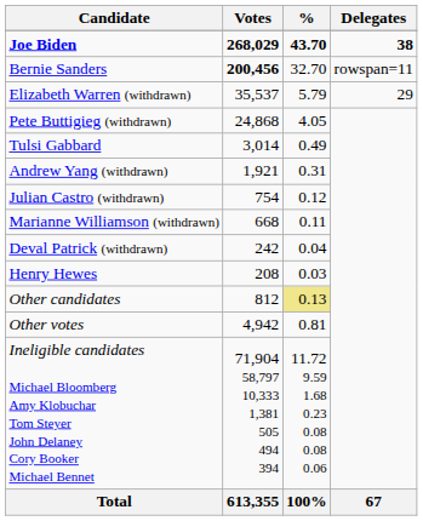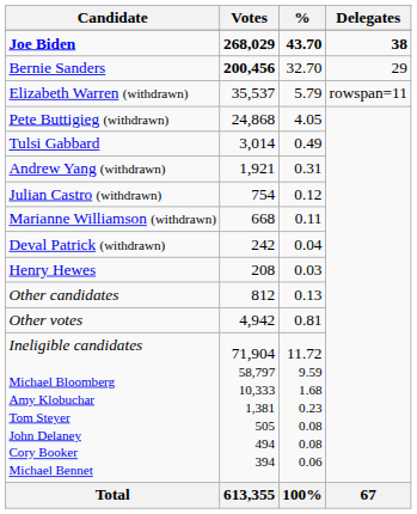 <table class="wikitable sortable" style="text-align:right;">
 <tr>
 <th>Candidate</th>
 <th>Votes</th>
 <th>%</th>
 <th>Delegates</th>
 </tr>
 <tr>
 </tr>
 <tr>
 <td style="text-align:left;" data-sort-value="Biden, Joe"><strong><a href='#'>Joe Biden</a></strong></td>
 <td><strong>268,029</strong></td>
 <td><strong>43.70</strong></td>
 <td><strong>38</strong></td>
 </tr>
 <tr>
 <td style="text-align:left;" data-sort-value="Sanders, Bernie"><a href='#'>Bernie Sanders</a></td>
 <td><strong>200,456</strong></td>
 <td>32.70</td>
-<td>rowspan=11 </td>
+<td>29</td>
 </tr>
 <tr>
 <td style="text-align:left;" data-sort-value="Warren, Elizabeth"><a href='#'>Elizabeth Warren</a> <small>(withdrawn)</small></td>
 <td>35,537</td>
 <td>5.79</td>
-<td>29</td>
+<td>rowspan=11 </td>
 </tr>
 <tr>
 <td style="text-align:left;" data-sort-value="Buttigieg, Pete"><a href='#'>Pete Buttigieg</a> <small>(withdrawn)</small></td>
 <td>24,868</td>
 <td>4.05</td>
 </tr>
 <tr>
 <td style="text-align:left;" data-sort-value="Gabbard, Tulsi"><a href='#'>Tulsi Gabbard</a></td>
 <td>3,014</td>
 <td>0.49</td>
 </tr>
 <tr>
 <td style="text-align:left;" data-sort-value="Yang, Andrew"><a href='#'>Andrew Yang</a> <small>(withdrawn)</small></td>
 <td>1,921</td>
 <td>0.31</td>
 </tr>
 <tr>
 <td style="text-align:left;" data-sort-value="Castro, Julian"><a href='#'>Julian Castro</a> <small>(withdrawn)</small></td>
 <td>754</td>
 <td>0.12</td>
 </tr>
 <tr>
 <td style="text-align:left;" data-sort-value="Williamson, Marianne"><a href='#'>Marianne Williamson</a> <small>(withdrawn)</small></td>
 <td>668</td>
 <td>0.11</td>
 </tr>
 <tr>
 <td style="text-align:left;" data-sort-value="Patrick, Deval"><a href='#'>Deval Patrick</a> <small>(withdrawn)</small></td>
 <td>242</td>
 <td>0.04</td>
 </tr>
 <tr>
 <td style="text-align:left;" data-sort-value="Hewes, Henry"><a href='#'>Henry Hewes</a></td>
 <td>208</td>
 <td>0.03</td>
 </tr>
 <tr>
 <td style="text-align:left;" data-sort-value="ZZA"><em>Other candidates</em></td>
 <td>812</td>
-<td style="background: khaki;">0.13</td>
+<td>0.13</td>
 </tr>
 <tr>
 <td style="text-align:left;" data-sort-value="ZZB"><em>Other votes</em></td>
 <td>4,942</td>
 <td>0.81</td>
 </tr>
 <tr>
 <td style="text-align:left;" data-sort-value="ZZC"><em>Ineligible candidates</em><br><br><small><a href='#'>Michael Bloomberg</a><br><a href='#'>Amy Klobuchar</a><br><a href='#'>Tom Steyer</a><br><a href='#'>John Delaney</a><br><a href='#'>Cory Booker</a><br><a href='#'>Michael Bennet</a></small></td>
 <td>71,904<br><small>58,797<br>10,333<br>1,381<br>505<br>494<br>394</small></td>
 <td>11.72<br><small>9.59<br>1.68<br>0.23<br>0.08<br>0.08<br>0.06</small></td>
 </tr>
 <tr>
 <th>Total</th>
 <th>613,355</th>
 <th>100%</th>
 <th>67</th>
 </tr>
 </table>
